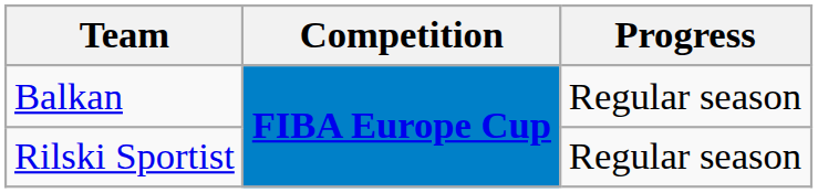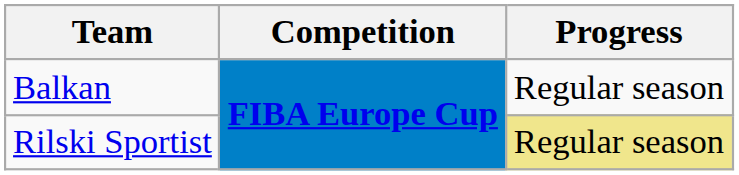 <table class="wikitable sortable">
 <tr>
 <th>Team</th>
 <th>Competition</th>
 <th>Progress</th>
 </tr>
 <tr>
 <td><a href='#'>Balkan</a></td>
 <td style="background-color:#0080c8;color:#D0D3D4;text-align:center"  rowspan=2><strong><a href='#'><span>FIBA Europe Cup</span></a></strong></td>
 <td>Regular season</td>
 </tr>
 <tr>
 <td><a href='#'>Rilski Sportist</a></td>
-<td>Regular season</td>
+<td style="background: khaki;">Regular season</td>
 </tr>
 </table>
